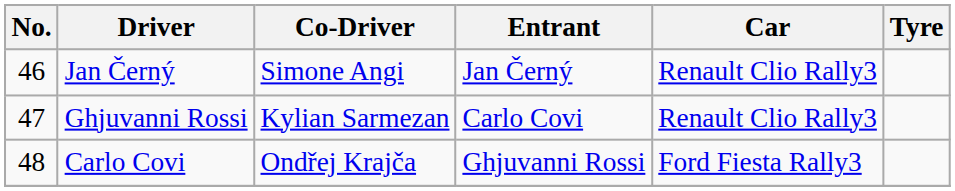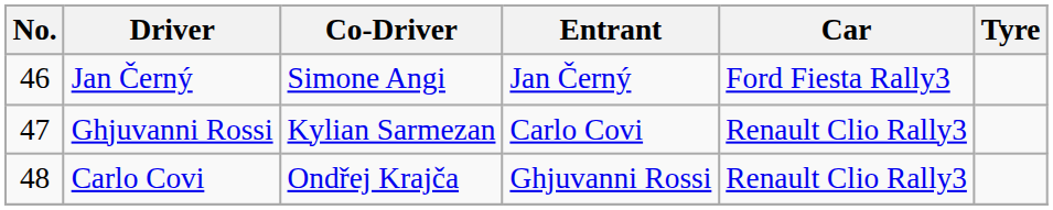 <table class="wikitable" style="font-size: 85%;">
 <tr>
 <th>No.</th>
 <th>Driver</th>
 <th>Co-Driver</th>
 <th>Entrant</th>
 <th>Car</th>
 <th>Tyre</th>
 </tr>
 <tr>
 <td align="center">46</td>
 <td> <a href='#'>Jan Černý</a></td>
 <td> <a href='#'>Simone Angi</a></td>
 <td> <a href='#'>Jan Černý</a></td>
-<td><a href='#'>Renault Clio Rally3</a></td>
+<td><a href='#'>Ford Fiesta Rally3</a></td>
 <td align="center"></td>
 </tr>
 <tr>
 <td align="center">47</td>
 <td> <a href='#'>Ghjuvanni Rossi</a></td>
 <td> <a href='#'>Kylian Sarmezan</a></td>
 <td> <a href='#'>Carlo Covi</a></td>
 <td><a href='#'>Renault Clio Rally3</a></td>
 <td align="center"></td>
 </tr>
 <tr>
 <td align="center">48</td>
 <td> <a href='#'>Carlo Covi</a></td>
 <td> <a href='#'>Ondřej Krajča</a></td>
 <td> <a href='#'>Ghjuvanni Rossi</a></td>
-<td><a href='#'>Ford Fiesta Rally3</a></td>
+<td><a href='#'>Renault Clio Rally3</a></td>
 <td align="center"></td>
 </tr>
 <tr>
 </tr>
 </table>
